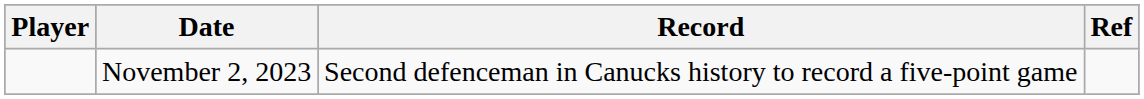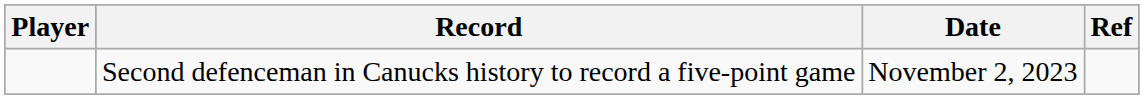 <table class="wikitable sortable">
 <tr>
 <th>Player</th>
+<th>Record</th>
 <th data-sort-type="date">Date</th>
-<th>Record</th>
 <th>Ref</th>
 </tr>
 <tr>
 <td></td>
+<td>Second defenceman in Canucks history to record a five-point game</td>
 <td>November 2, 2023</td>
-<td>Second defenceman in Canucks history to record a five-point game</td>
 <td></td>
 </tr>
 </table>
